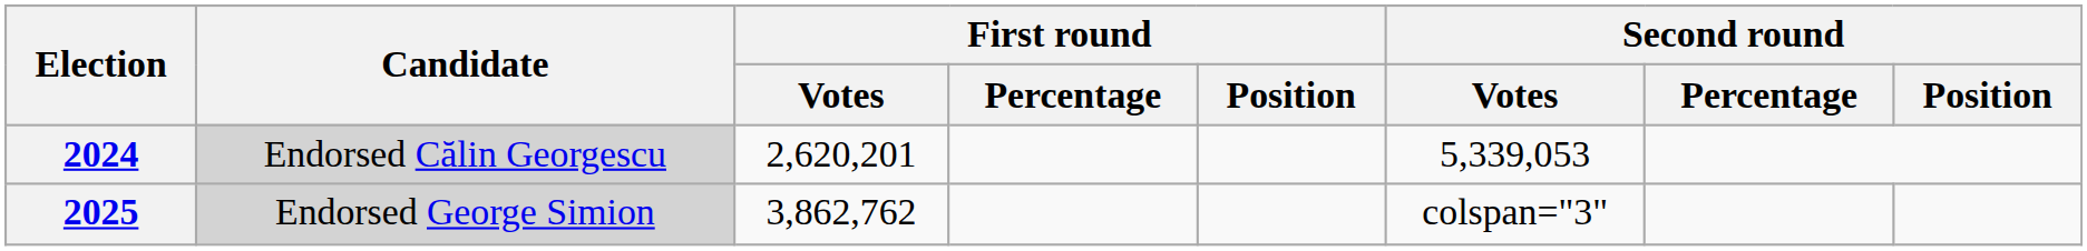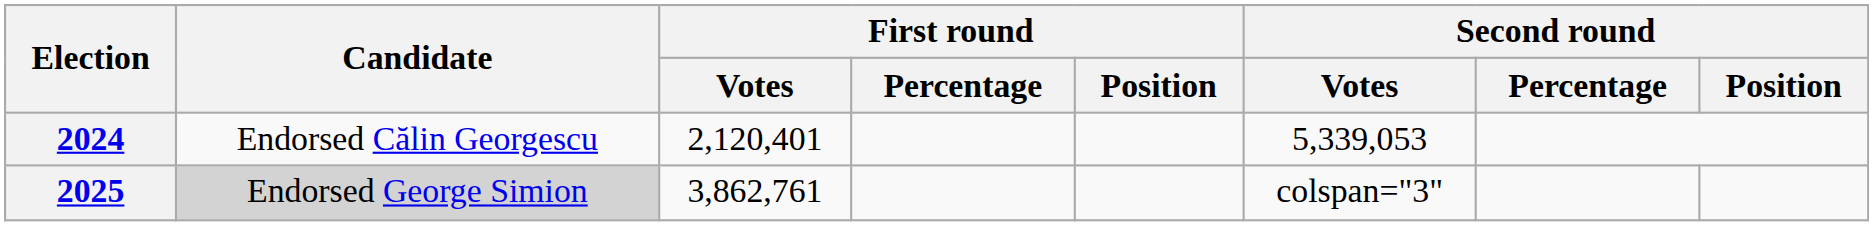 <table class=wikitable width=100%>
 <tr>
 <th rowspan=2>Election</th>
 <th rowspan=2>Candidate</th>
 <th colspan=3>First round</th>
 <th colspan=3>Second round</th>
 </tr>
 <tr>
 <th>Votes</th>
 <th>Percentage</th>
 <th>Position</th>
 <th>Votes</th>
 <th>Percentage</th>
 <th>Position</th>
 </tr>
 <tr align="center">
 <th><a href='#'>2024</a></th>
-<td style="background: lightgrey;">Endorsed <a href='#'>Călin Georgescu</a></td>
-<td>2,620,201</td>
+<td>Endorsed <a href='#'>Călin Georgescu</a></td>
+<td>2,120,401</td>
 <td></td>
 <td></td>
 <td>5,339,053</td>
 </tr>
 <tr align=center>
 <th><a href='#'>2025</a></th>
 <td style="background: lightgrey;">Endorsed <a href='#'>George Simion</a></td>
-<td>3,862,762</td>
+<td>3,862,761</td>
 <td></td>
 <td></td>
 <td>colspan="3"</td>
 <td></td>
 <td></td>
 </tr>
 </table>
